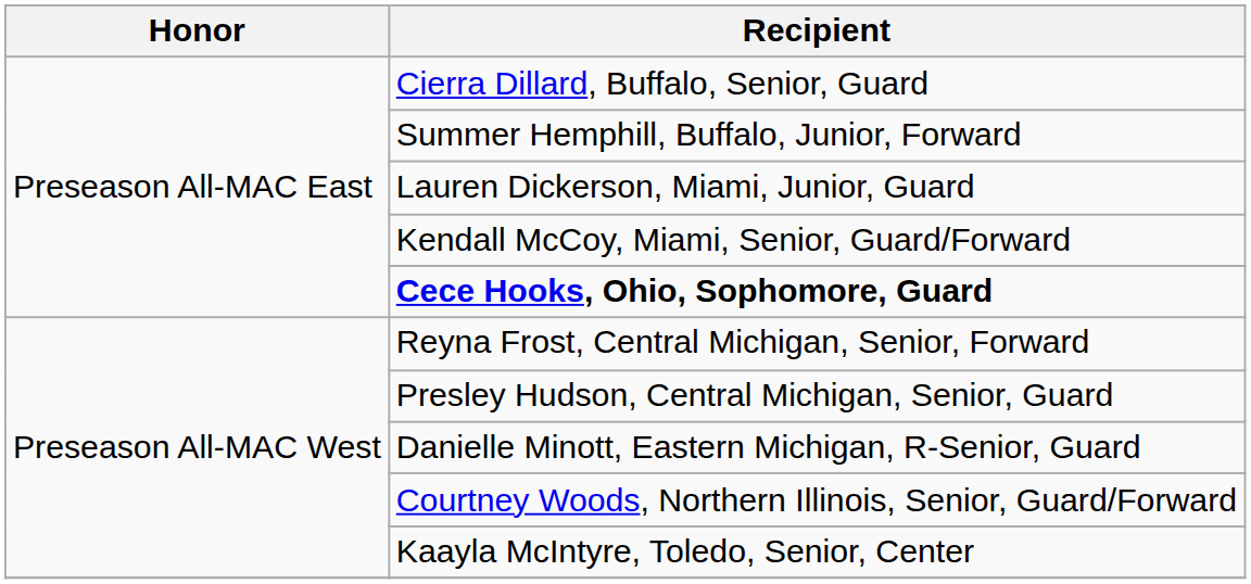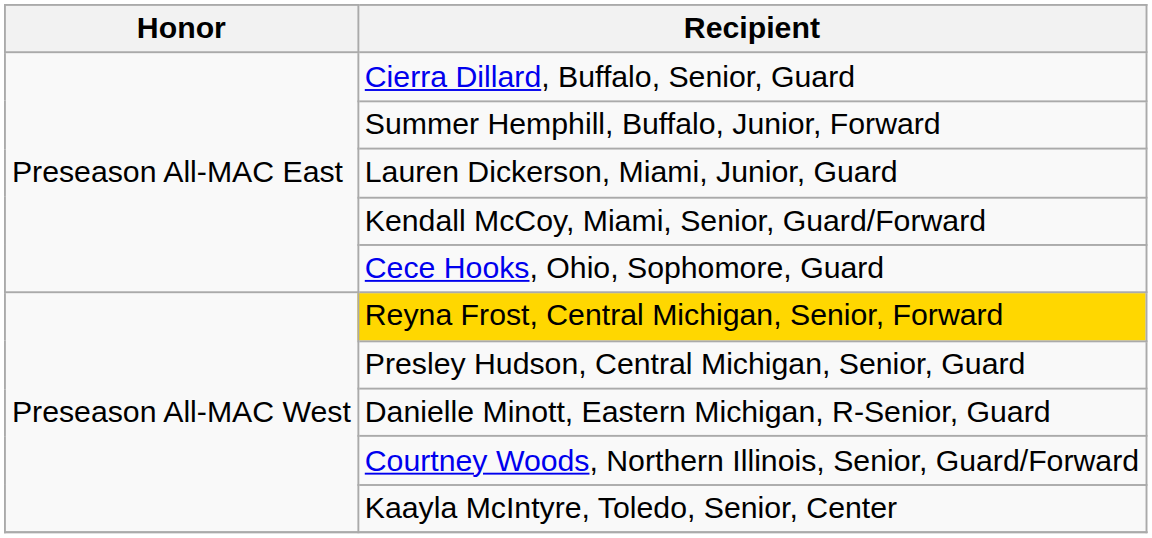 <table class="wikitable" border="1">
 <tr>
 <th>Honor</th>
 <th>Recipient</th>
 </tr>
 <tr>
 <td rowspan=5 valign=middle>Preseason All-MAC East</td>
 <td><a href='#'>Cierra Dillard</a>, Buffalo, Senior, Guard</td>
 </tr>
 <tr>
 <td>Summer Hemphill, Buffalo, Junior, Forward</td>
 </tr>
 <tr>
 <td>Lauren Dickerson, Miami, Junior, Guard</td>
 </tr>
 <tr>
 <td>Kendall McCoy, Miami, Senior, Guard/Forward</td>
 </tr>
 <tr>
-<td><strong><a href='#'>Cece Hooks</a>, Ohio, Sophomore, Guard</strong></td>
+<td><a href='#'>Cece Hooks</a>, Ohio, Sophomore, Guard</td>
 </tr>
 <tr>
 <td rowspan=5 valign=middle>Preseason All-MAC West</td>
-<td>Reyna Frost, Central Michigan, Senior, Forward</td>
+<td style="background: gold;">Reyna Frost, Central Michigan, Senior, Forward</td>
 </tr>
 <tr>
 <td>Presley Hudson, Central Michigan, Senior, Guard</td>
 </tr>
 <tr>
 <td>Danielle Minott, Eastern Michigan, R-Senior, Guard</td>
 </tr>
 <tr>
 <td><a href='#'>Courtney Woods</a>, Northern Illinois, Senior, Guard/Forward</td>
 </tr>
 <tr>
 <td>Kaayla McIntyre, Toledo, Senior, Center</td>
 </tr>
 <tr>
 </tr>
 </table>
